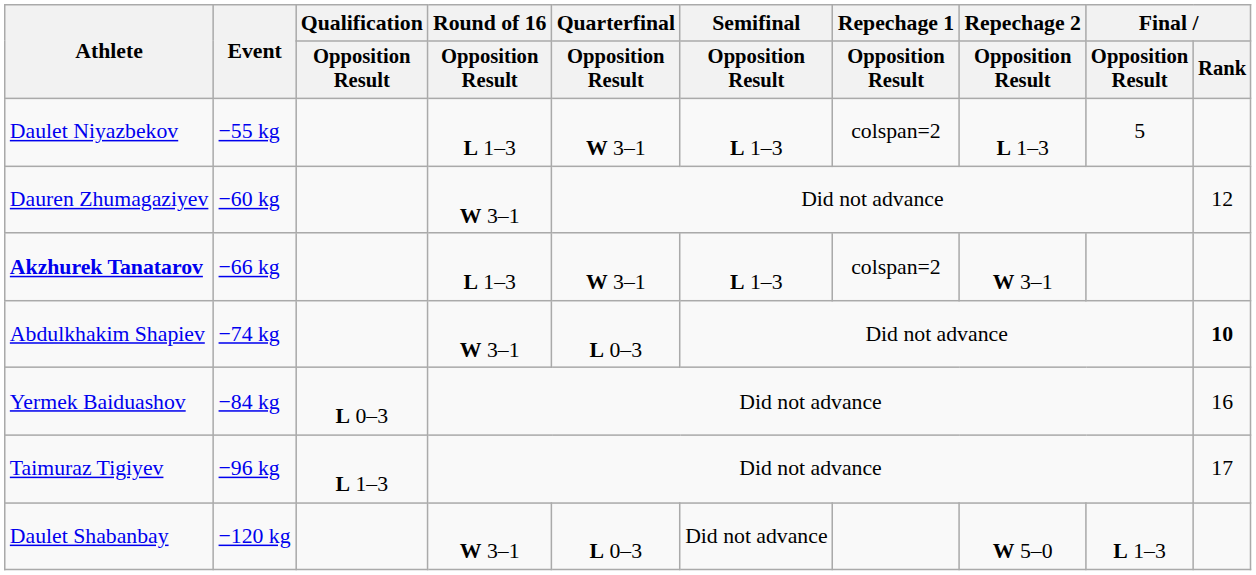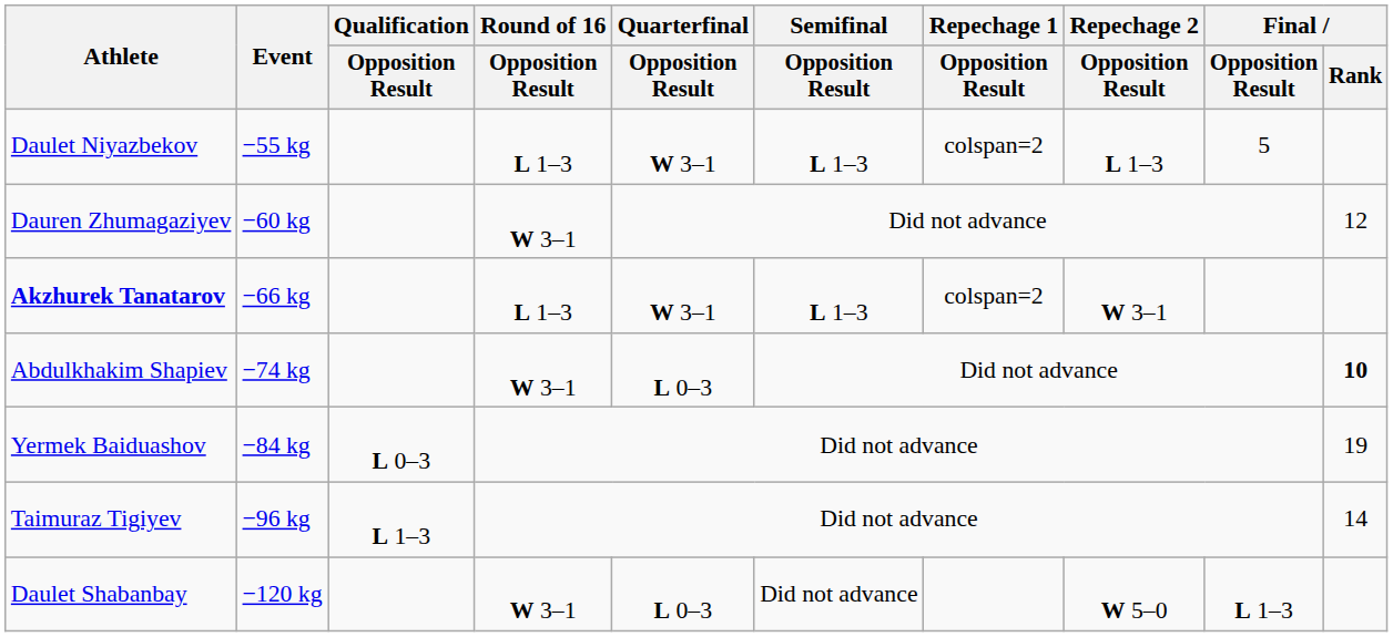 <table class="wikitable" style="font-size:90%;">
 <tr>
 <th rowspan="2">Athlete</th>
 <th rowspan="2">Event</th>
 <th>Qualification</th>
 <th>Round of 16</th>
 <th>Quarterfinal</th>
 <th>Semifinal</th>
 <th>Repechage 1</th>
 <th>Repechage 2</th>
 <th colspan=2>Final / </th>
 </tr>
 <tr style="font-size: 95%">
 <th>Opposition<br>Result</th>
 <th>Opposition<br>Result</th>
 <th>Opposition<br>Result</th>
 <th>Opposition<br>Result</th>
 <th>Opposition<br>Result</th>
 <th>Opposition<br>Result</th>
 <th>Opposition<br>Result</th>
 <th>Rank</th>
 </tr>
 <tr align=center>
 <td align=left><a href='#'>Daulet Niyazbekov</a></td>
 <td align=left><a href='#'>−55 kg</a></td>
 <td></td>
 <td><br><strong>L</strong> 1–3 <sup></sup></td>
 <td><br><strong>W</strong> 3–1 <sup></sup></td>
 <td><br><strong>L</strong> 1–3 <sup></sup></td>
 <td>colspan=2 </td>
 <td><br><strong>L</strong> 1–3 <sup></sup></td>
 <td>5</td>
 </tr>
 <tr align=center>
 <td align=left><a href='#'>Dauren Zhumagaziyev</a></td>
 <td align=left><a href='#'>−60 kg</a></td>
 <td></td>
 <td><br><strong>W</strong> 3–1 <sup></sup></td>
 <td colspan=5>Did not advance</td>
 <td>12</td>
 </tr>
 <tr align=center>
 <td align=left><strong><a href='#'>Akzhurek Tanatarov</a></strong></td>
 <td align=left><a href='#'>−66 kg</a></td>
 <td></td>
 <td><br><strong>L</strong> 1–3 <sup></sup></td>
 <td><br><strong>W</strong> 3–1 <sup></sup></td>
 <td><br><strong>L</strong> 1–3 <sup></sup></td>
 <td>colspan=2 </td>
 <td><br><strong>W</strong> 3–1 <sup></sup></td>
 <td></td>
 </tr>
 <tr align=center>
 <td align=left><a href='#'>Abdulkhakim Shapiev</a></td>
 <td align=left><a href='#'>−74 kg</a></td>
 <td></td>
 <td><br><strong>W</strong> 3–1 <sup></sup></td>
 <td><br><strong>L</strong> 0–3 <sup></sup></td>
 <td colspan=4>Did not advance</td>
 <td><strong>10</strong></td>
 </tr>
 <tr align=center>
 <td align=left><a href='#'>Yermek Baiduashov</a></td>
 <td align=left><a href='#'>−84 kg</a></td>
 <td><br><strong>L</strong> 0–3 <sup></sup></td>
 <td colspan=6>Did not advance</td>
-<td>16</td>
+<td>19</td>
 </tr>
 <tr align=center>
 <td align=left><a href='#'>Taimuraz Tigiyev</a></td>
 <td align=left><a href='#'>−96 kg</a></td>
 <td><br><strong>L</strong> 1–3 <sup></sup></td>
 <td colspan=6>Did not advance</td>
-<td>17</td>
+<td>14</td>
 </tr>
 <tr align=center>
 <td align=left><a href='#'>Daulet Shabanbay</a></td>
 <td align=left><a href='#'>−120 kg</a></td>
 <td></td>
 <td><br><strong>W</strong> 3–1 <sup></sup></td>
 <td><br><strong>L</strong> 0–3 <sup></sup></td>
 <td>Did not advance</td>
 <td></td>
 <td><br><strong>W</strong> 5–0 <sup></sup></td>
 <td><br><strong>L</strong> 1–3 <sup></sup></td>
 <td></td>
 </tr>
 </table>
